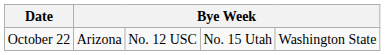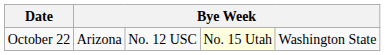 <table class="wikitable" style="font-size:95%;">
 <tr>
 <th>Date</th>
 <th colspan="4">Bye Week</th>
 </tr>
 <tr>
 <td>October 22</td>
 <td>Arizona</td>
 <td>No. 12 USC</td>
-<td>No. 15 Utah</td>
+<td style="background: lightyellow;">No. 15 Utah</td>
 <td>Washington State</td>
 </tr>
 </table>
